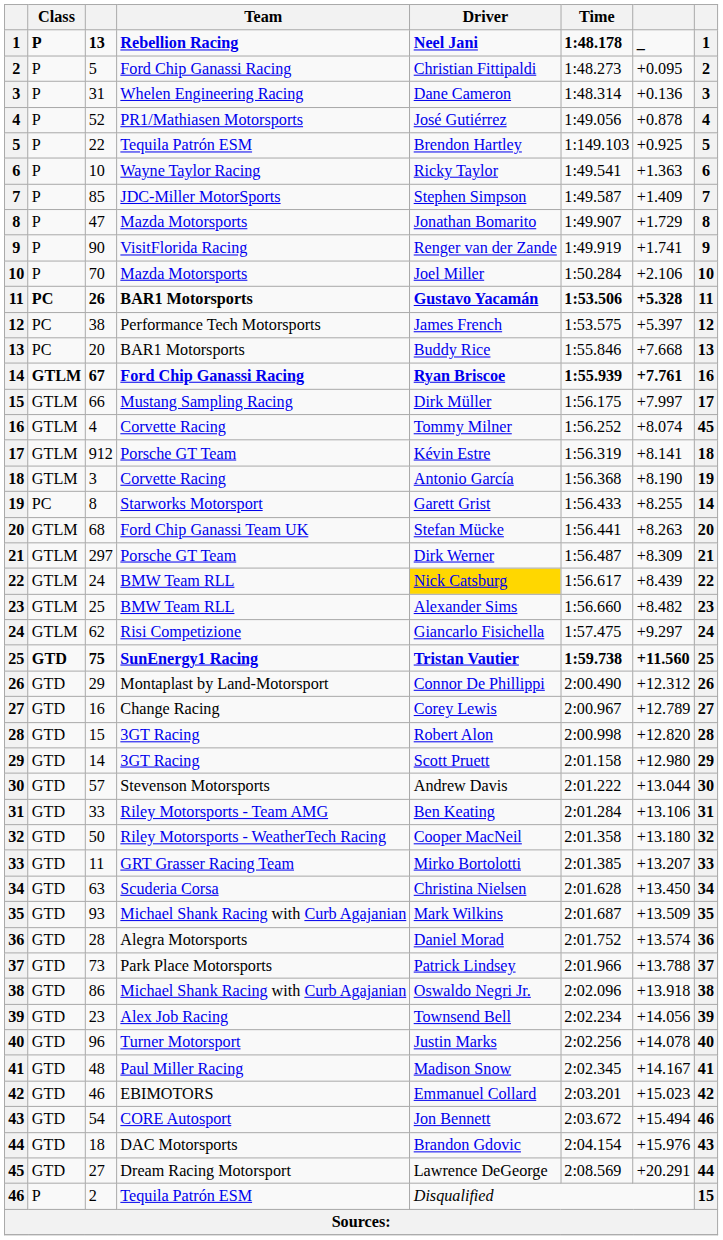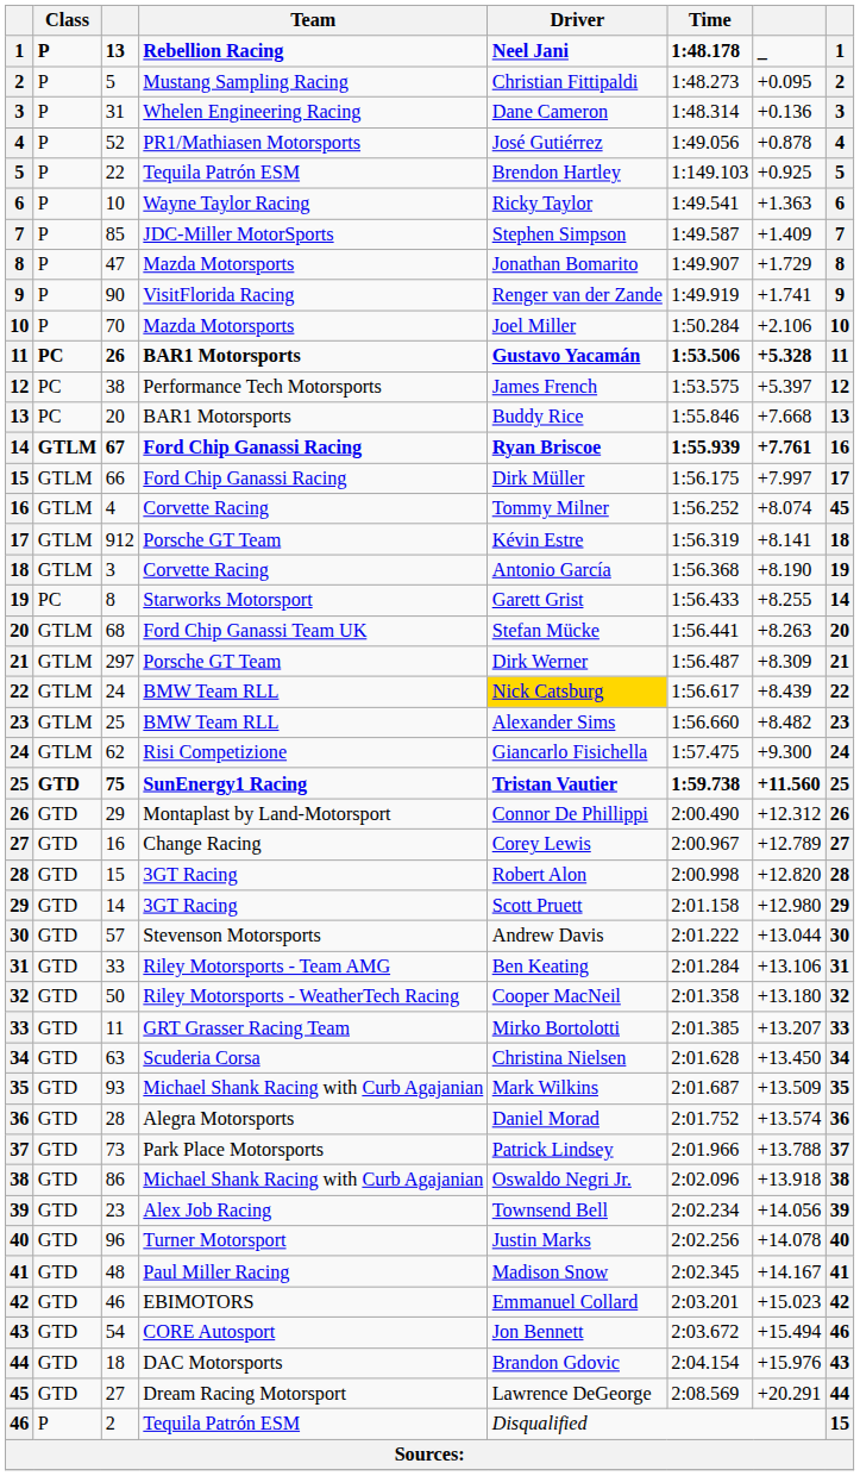 <table class="wikitable">
 <tr>
 <th scope="col"></th>
 <th scope="col">Class</th>
 <th scope="col"></th>
 <th scope="col">Team</th>
 <th scope="col">Driver</th>
 <th scope="col">Time</th>
 <th scope="col"></th>
 <th scope="col"></th>
 </tr>
 <tr style="font-weight:bold">
 <th scope="row">1</th>
 <td>P</td>
 <td>13</td>
 <td><strong> <a href='#'>Rebellion Racing</a></strong></td>
 <td> <a href='#'>Neel Jani</a></td>
 <td>1:48.178</td>
 <td><strong>_</strong></td>
 <th><strong>1 </strong></th>
 </tr>
 <tr>
 <th scope="row">2</th>
 <td>P</td>
 <td>5</td>
-<td> <a href='#'>Ford Chip Ganassi Racing</a></td>
+<td> <a href='#'>Mustang Sampling Racing</a></td>
 <td> <a href='#'>Christian Fittipaldi</a></td>
 <td>1:48.273</td>
 <td>+0.095</td>
 <th>2</th>
 </tr>
 <tr>
 <th scope="row">3</th>
 <td>P</td>
 <td>31</td>
 <td> <a href='#'>Whelen Engineering Racing</a></td>
 <td> <a href='#'>Dane Cameron</a></td>
 <td>1:48.314</td>
 <td>+0.136</td>
 <th>3</th>
 </tr>
 <tr>
 <th scope="row">4</th>
 <td>P</td>
 <td>52</td>
 <td> <a href='#'>PR1/Mathiasen Motorsports</a></td>
 <td> <a href='#'>José Gutiérrez</a></td>
 <td>1:49.056</td>
 <td>+0.878</td>
 <th>4</th>
 </tr>
 <tr>
 <th scope="row">5</th>
 <td>P</td>
 <td>22</td>
 <td> <a href='#'>Tequila Patrón ESM</a></td>
 <td> <a href='#'>Brendon Hartley</a></td>
 <td>1:149.103</td>
 <td>+0.925</td>
 <th>5</th>
 </tr>
 <tr>
 <th scope="row">6</th>
 <td>P</td>
 <td>10</td>
 <td> <a href='#'>Wayne Taylor Racing</a></td>
 <td> <a href='#'>Ricky Taylor</a></td>
 <td>1:49.541</td>
 <td>+1.363</td>
 <th>6</th>
 </tr>
 <tr>
 <th scope="row">7</th>
 <td>P</td>
 <td>85</td>
 <td> <a href='#'>JDC-Miller MotorSports</a></td>
 <td> <a href='#'>Stephen Simpson</a></td>
 <td>1:49.587</td>
 <td>+1.409</td>
 <th>7</th>
 </tr>
 <tr>
 <th scope="row">8</th>
 <td>P</td>
 <td>47</td>
 <td> <a href='#'>Mazda Motorsports</a></td>
 <td> <a href='#'>Jonathan Bomarito</a></td>
 <td>1:49.907</td>
 <td>+1.729</td>
 <th>8</th>
 </tr>
 <tr>
 <th scope="row">9</th>
 <td>P</td>
 <td>90</td>
 <td> <a href='#'>VisitFlorida Racing</a></td>
 <td> <a href='#'>Renger van der Zande</a></td>
 <td>1:49.919</td>
 <td>+1.741</td>
 <th>9</th>
 </tr>
 <tr>
 <th scope="row">10</th>
 <td>P</td>
 <td>70</td>
 <td> <a href='#'>Mazda Motorsports</a></td>
 <td> <a href='#'>Joel Miller</a></td>
 <td>1:50.284</td>
 <td>+2.106</td>
 <th><strong>10</strong></th>
 </tr>
 <tr style="font-weight:bold">
 <th scope="row">11</th>
 <td>PC</td>
 <td>26</td>
 <td> BAR1 Motorsports</td>
 <td> <a href='#'>Gustavo Yacamán</a></td>
 <td>1:53.506</td>
 <td>+5.328</td>
 <th>11</th>
 </tr>
 <tr>
 <th scope="row">12</th>
 <td>PC</td>
 <td>38</td>
 <td> Performance Tech Motorsports</td>
 <td> <a href='#'>James French</a></td>
 <td>1:53.575</td>
 <td>+5.397</td>
 <th>12</th>
 </tr>
 <tr>
 <th scope="row">13</th>
 <td>PC</td>
 <td>20</td>
 <td> BAR1 Motorsports</td>
 <td> <a href='#'>Buddy Rice</a></td>
 <td>1:55.846</td>
 <td>+7.668</td>
 <th><strong>13</strong></th>
 </tr>
 <tr style="font-weight:bold">
 <th scope="row">14</th>
 <td>GTLM</td>
 <td>67</td>
 <td> <a href='#'>Ford Chip Ganassi Racing</a></td>
 <td> <a href='#'>Ryan Briscoe</a></td>
 <td>1:55.939</td>
 <td>+7.761</td>
 <th>16</th>
 </tr>
 <tr>
 <th scope="row">15</th>
 <td>GTLM</td>
 <td>66</td>
-<td> <a href='#'>Mustang Sampling Racing</a></td>
+<td> <a href='#'>Ford Chip Ganassi Racing</a></td>
 <td> <a href='#'>Dirk Müller</a></td>
 <td>1:56.175</td>
 <td>+7.997</td>
 <th>17</th>
 </tr>
 <tr>
 <th scope="row">16</th>
 <td>GTLM</td>
 <td>4</td>
 <td> <a href='#'>Corvette Racing</a></td>
 <td> <a href='#'>Tommy Milner</a></td>
 <td>1:56.252</td>
 <td>+8.074</td>
 <th>45</th>
 </tr>
 <tr>
 <th scope="row">17</th>
 <td>GTLM</td>
 <td>912</td>
 <td> <a href='#'>Porsche GT Team</a></td>
 <td> <a href='#'>Kévin Estre</a></td>
 <td>1:56.319</td>
 <td>+8.141</td>
 <th>18</th>
 </tr>
 <tr>
 <th scope="row">18</th>
 <td>GTLM</td>
 <td>3</td>
 <td> <a href='#'>Corvette Racing</a></td>
 <td> <a href='#'>Antonio García</a></td>
 <td>1:56.368</td>
 <td>+8.190</td>
 <th>19</th>
 </tr>
 <tr>
 <th scope="row">19</th>
 <td>PC</td>
 <td>8</td>
 <td> <a href='#'>Starworks Motorsport</a></td>
 <td> <a href='#'>Garett Grist</a></td>
 <td>1:56.433</td>
 <td>+8.255</td>
 <th><strong>14</strong></th>
 </tr>
 <tr>
 <th scope="row">20</th>
 <td>GTLM</td>
 <td>68</td>
 <td> <a href='#'>Ford Chip Ganassi Team UK</a></td>
 <td> <a href='#'>Stefan Mücke</a></td>
 <td>1:56.441</td>
 <td>+8.263</td>
 <th>20</th>
 </tr>
 <tr>
 <th scope="row">21</th>
 <td>GTLM</td>
 <td>297</td>
 <td> <a href='#'>Porsche GT Team</a></td>
 <td> <a href='#'>Dirk Werner</a></td>
 <td>1:56.487</td>
 <td>+8.309</td>
 <th>21</th>
 </tr>
 <tr>
 <th scope="row">22</th>
 <td>GTLM</td>
 <td>24</td>
 <td> <a href='#'>BMW Team RLL</a></td>
 <td style="background: gold;"> <a href='#'>Nick Catsburg</a></td>
 <td>1:56.617</td>
 <td>+8.439</td>
 <th>22</th>
 </tr>
 <tr>
 <th scope="row">23</th>
 <td>GTLM</td>
 <td>25</td>
 <td> <a href='#'>BMW Team RLL</a></td>
 <td> <a href='#'>Alexander Sims</a></td>
 <td>1:56.660</td>
 <td>+8.482</td>
 <th>23</th>
 </tr>
 <tr>
 <th scope="row">24</th>
 <td>GTLM</td>
 <td>62</td>
 <td> <a href='#'>Risi Competizione</a></td>
 <td> <a href='#'>Giancarlo Fisichella</a></td>
 <td>1:57.475</td>
-<td>+9.297</td>
+<td>+9.300</td>
 <th>24</th>
 </tr>
 <tr style="font-weight:bold">
 <th scope="row">25</th>
 <td>GTD</td>
 <td>75</td>
 <td> <a href='#'>SunEnergy1 Racing</a></td>
 <td> <a href='#'>Tristan Vautier</a></td>
 <td>1:59.738</td>
 <td>+11.560</td>
 <th>25</th>
 </tr>
 <tr>
 <th scope="row">26</th>
 <td>GTD</td>
 <td>29</td>
 <td> Montaplast by Land-Motorsport</td>
 <td> <a href='#'>Connor De Phillippi</a></td>
 <td>2:00.490</td>
 <td>+12.312</td>
 <th>26</th>
 </tr>
 <tr>
 <th scope="row">27</th>
 <td>GTD</td>
 <td>16</td>
 <td> Change Racing</td>
 <td> <a href='#'>Corey Lewis</a></td>
 <td>2:00.967</td>
 <td>+12.789</td>
 <th>27</th>
 </tr>
 <tr>
 <th scope="row">28</th>
 <td>GTD</td>
 <td>15</td>
 <td> <a href='#'>3GT Racing</a></td>
 <td> <a href='#'>Robert Alon</a></td>
 <td>2:00.998</td>
 <td>+12.820</td>
 <th>28</th>
 </tr>
 <tr>
 <th scope="row">29</th>
 <td>GTD</td>
 <td>14</td>
 <td> <a href='#'>3GT Racing</a></td>
 <td> <a href='#'>Scott Pruett</a></td>
 <td>2:01.158</td>
 <td>+12.980</td>
 <th>29</th>
 </tr>
 <tr>
 <th scope="row">30</th>
 <td>GTD</td>
 <td>57</td>
 <td> Stevenson Motorsports</td>
 <td> Andrew Davis</td>
 <td>2:01.222</td>
 <td>+13.044</td>
 <th>30</th>
 </tr>
 <tr>
 <th scope="row">31</th>
 <td>GTD</td>
 <td>33</td>
 <td> <a href='#'>Riley Motorsports - Team AMG</a></td>
 <td> <a href='#'>Ben Keating</a></td>
 <td>2:01.284</td>
 <td>+13.106</td>
 <th>31</th>
 </tr>
 <tr>
 <th scope="row">32</th>
 <td>GTD</td>
 <td>50</td>
 <td> <a href='#'>Riley Motorsports - WeatherTech Racing</a></td>
 <td> <a href='#'>Cooper MacNeil</a></td>
 <td>2:01.358</td>
 <td>+13.180</td>
 <th>32</th>
 </tr>
 <tr>
 <th scope="row">33</th>
 <td>GTD</td>
 <td>11</td>
 <td> <a href='#'>GRT Grasser Racing Team</a></td>
 <td> <a href='#'>Mirko Bortolotti</a></td>
 <td>2:01.385</td>
 <td>+13.207</td>
 <th>33</th>
 </tr>
 <tr>
 <th scope="row">34</th>
 <td>GTD</td>
 <td>63</td>
 <td> <a href='#'>Scuderia Corsa</a></td>
 <td> <a href='#'>Christina Nielsen</a></td>
 <td>2:01.628</td>
 <td>+13.450</td>
 <th>34</th>
 </tr>
 <tr>
 <th scope="row">35</th>
 <td>GTD</td>
 <td>93</td>
 <td> <a href='#'>Michael Shank Racing</a> with <a href='#'>Curb Agajanian</a></td>
 <td> <a href='#'>Mark Wilkins</a></td>
 <td>2:01.687</td>
 <td>+13.509</td>
 <th>35</th>
 </tr>
 <tr>
 <th scope="row">36</th>
 <td>GTD</td>
 <td>28</td>
 <td> Alegra Motorsports</td>
 <td> <a href='#'>Daniel Morad</a></td>
 <td>2:01.752</td>
 <td>+13.574</td>
 <th>36</th>
 </tr>
 <tr>
 <th scope="row">37</th>
 <td>GTD</td>
 <td>73</td>
 <td> Park Place Motorsports</td>
 <td> <a href='#'>Patrick Lindsey</a></td>
 <td>2:01.966</td>
 <td>+13.788</td>
 <th>37</th>
 </tr>
 <tr>
 <th scope="row">38</th>
 <td>GTD</td>
 <td>86</td>
 <td> <a href='#'>Michael Shank Racing</a> with <a href='#'>Curb Agajanian</a></td>
 <td> <a href='#'>Oswaldo Negri Jr.</a></td>
 <td>2:02.096</td>
 <td>+13.918</td>
 <th>38</th>
 </tr>
 <tr>
 <th scope="row">39</th>
 <td>GTD</td>
 <td>23</td>
 <td> <a href='#'>Alex Job Racing</a></td>
 <td> <a href='#'>Townsend Bell</a></td>
 <td>2:02.234</td>
 <td>+14.056</td>
 <th>39</th>
 </tr>
 <tr>
 <th scope="row">40</th>
 <td>GTD</td>
 <td>96</td>
 <td> <a href='#'>Turner Motorsport</a></td>
 <td> <a href='#'>Justin Marks</a></td>
 <td>2:02.256</td>
 <td>+14.078</td>
 <th>40</th>
 </tr>
 <tr>
 <th scope="row">41</th>
 <td>GTD</td>
 <td>48</td>
 <td> <a href='#'>Paul Miller Racing</a></td>
 <td> <a href='#'>Madison Snow</a></td>
 <td>2:02.345</td>
 <td>+14.167</td>
 <th>41</th>
 </tr>
 <tr>
 <th scope="row">42</th>
 <td>GTD</td>
 <td>46</td>
 <td> EBIMOTORS</td>
 <td> <a href='#'>Emmanuel Collard</a></td>
 <td>2:03.201</td>
 <td>+15.023</td>
 <th>42</th>
 </tr>
 <tr>
 <th scope="row">43</th>
 <td>GTD</td>
 <td>54</td>
 <td> <a href='#'>CORE Autosport</a></td>
 <td> <a href='#'>Jon Bennett</a></td>
 <td>2:03.672</td>
 <td>+15.494</td>
 <th>46</th>
 </tr>
 <tr>
 <th scope="row">44</th>
 <td>GTD</td>
 <td>18</td>
 <td> DAC Motorsports</td>
 <td> <a href='#'>Brandon Gdovic</a></td>
 <td>2:04.154</td>
 <td>+15.976</td>
 <th>43</th>
 </tr>
 <tr>
 <th scope="row">45</th>
 <td>GTD</td>
 <td>27</td>
 <td> Dream Racing Motorsport</td>
 <td> Lawrence DeGeorge</td>
 <td>2:08.569</td>
 <td>+20.291</td>
 <th>44</th>
 </tr>
 <tr>
 <th scope="row">46</th>
 <td>P</td>
 <td>2</td>
 <td> <a href='#'>Tequila Patrón ESM</a></td>
 <td colspan="3"><em>Disqualified</em></td>
 <th>15</th>
 </tr>
 <tr>
 <th colspan="8">Sources:</th>
 </tr>
 <tr>
 </tr>
 </table>
